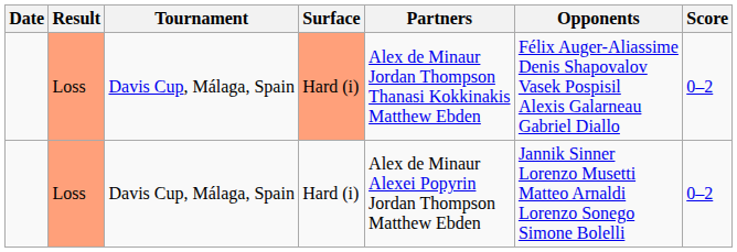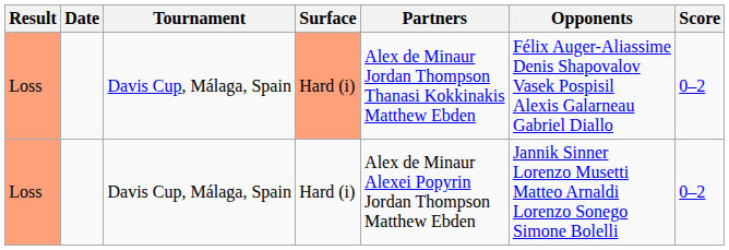 <table class="sortable wikitable">
 <tr>
+<th>Result</th>
 <th>Date</th>
-<th>Result</th>
 <th>Tournament</th>
 <th>Surface</th>
 <th>Partners</th>
 <th>Opponents</th>
 <th class="unsortable">Score</th>
 </tr>
 <tr>
+<td bgcolor=FFA07A>Loss</td>
 <td><a href='#'></a></td>
-<td bgcolor=FFA07A>Loss</td>
 <td><a href='#'>Davis Cup</a>, Málaga, Spain</td>
 <td style="background: lightsalmon;">Hard (i)</td>
 <td> <a href='#'>Alex de Minaur</a> <br>  <a href='#'>Jordan Thompson</a> <br>  <a href='#'>Thanasi Kokkinakis</a> <br>  <a href='#'>Matthew Ebden</a></td>
 <td> <a href='#'>Félix Auger-Aliassime</a><br>  <a href='#'>Denis Shapovalov</a><br>  <a href='#'>Vasek Pospisil</a><br> <a href='#'>Alexis Galarneau</a><br> <a href='#'>Gabriel Diallo</a></td>
 <td><a href='#'>0–2</a></td>
 </tr>
 <tr>
+<td bgcolor=FFA07A>Loss</td>
 <td><a href='#'></a></td>
-<td bgcolor=FFA07A>Loss</td>
 <td>Davis Cup, Málaga, Spain</td>
 <td>Hard (i)</td>
 <td> Alex de Minaur <br>  <a href='#'>Alexei Popyrin</a> <br>  Jordan Thompson <br>  Matthew Ebden <br></td>
 <td> <a href='#'>Jannik Sinner</a> <br>  <a href='#'>Lorenzo Musetti</a> <br> <a href='#'>Matteo Arnaldi</a> <br>  <a href='#'>Lorenzo Sonego</a> <br>  <a href='#'>Simone Bolelli</a> <br></td>
 <td><a href='#'>0–2</a></td>
 </tr>
 </table>
